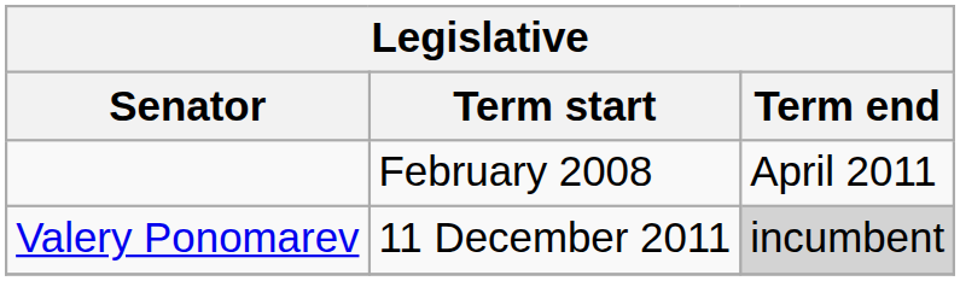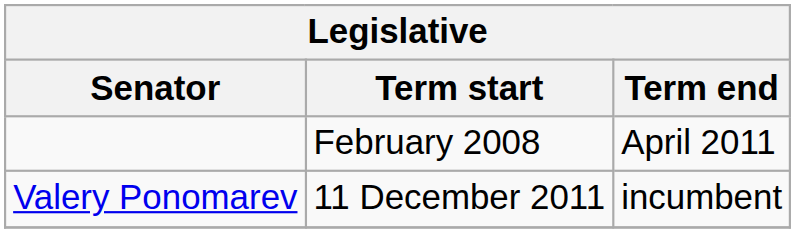 <table class="wikitable sortable">
 <tr>
 <th colspan=3>Legislative</th>
 </tr>
 <tr>
 <th>Senator</th>
 <th>Term start</th>
 <th>Term end</th>
 </tr>
 <tr>
 <td></td>
 <td>February 2008</td>
 <td>April 2011</td>
 </tr>
 <tr>
 <td><a href='#'>Valery Ponomarev</a></td>
 <td>11 December 2011</td>
-<td style="background: lightgrey;">incumbent</td>
+<td>incumbent</td>
 </tr>
 <tr>
 </tr>
 </table>
